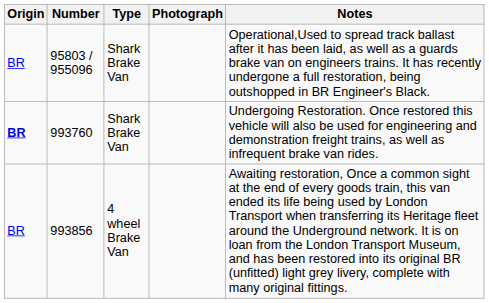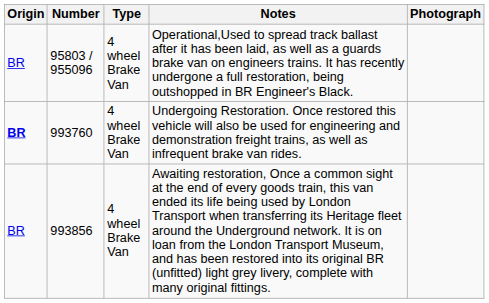 <table class="wikitable">
 <tr>
 <th>Origin</th>
 <th>Number</th>
 <th>Type</th>
+<th>Notes</th>
 <th>Photograph</th>
-<th>Notes</th>
 </tr>
 <tr>
 <td><a href='#'>BR</a></td>
 <td>95803 / 955096</td>
-<td>Shark Brake Van</td>
+<td>4 wheel Brake Van</td>
+<td>Operational,Used to spread track ballast after it has been laid, as well as a guards brake van on engineers trains. It has recently undergone a full restoration, being outshopped in BR Engineer's Black.</td>
 <td></td>
-<td>Operational,Used to spread track ballast after it has been laid, as well as a guards brake van on engineers trains. It has recently undergone a full restoration, being outshopped in BR Engineer's Black.</td>
 </tr>
 <tr>
 <td><strong><a href='#'>BR</a></strong></td>
 <td>993760</td>
-<td>Shark Brake Van</td>
+<td>4 wheel Brake Van</td>
+<td>Undergoing Restoration. Once restored this vehicle will also be used for engineering and demonstration freight trains, as well as infrequent brake van rides.</td>
 <td></td>
-<td>Undergoing Restoration. Once restored this vehicle will also be used for engineering and demonstration freight trains, as well as infrequent brake van rides.</td>
 </tr>
 <tr>
 <td><a href='#'>BR</a></td>
 <td>993856</td>
 <td>4 wheel Brake Van</td>
+<td>Awaiting restoration, Once a common sight at the end of every goods train, this van ended its life being used by London Transport when transferring its Heritage fleet around the Underground network. It is on loan from the London Transport Museum, and has been restored into its original BR (unfitted) light grey livery, complete with many original fittings.</td>
 <td></td>
-<td>Awaiting restoration, Once a common sight at the end of every goods train, this van ended its life being used by London Transport when transferring its Heritage fleet around the Underground network. It is on loan from the London Transport Museum, and has been restored into its original BR (unfitted) light grey livery, complete with many original fittings.</td>
 </tr>
 </table>
